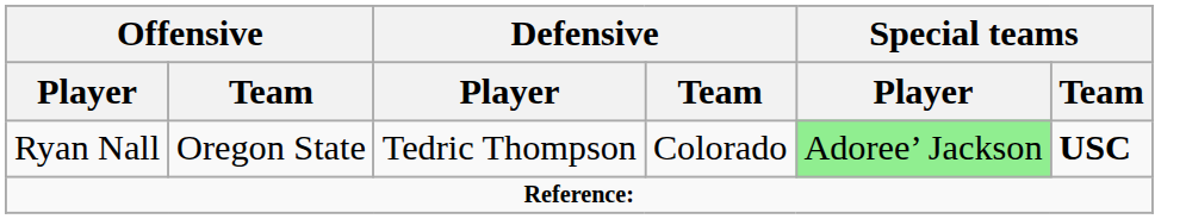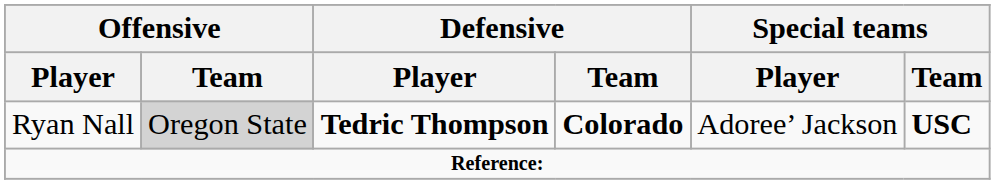 <table class="wikitable">
 <tr>
 <th colspan="2">Offensive</th>
 <th colspan="2">Defensive</th>
 <th colspan="2">Special teams</th>
 </tr>
 <tr>
 <th>Player</th>
 <th>Team</th>
 <th>Player</th>
 <th>Team</th>
 <th>Player</th>
 <th>Team</th>
 </tr>
 <tr>
 <td>Ryan Nall</td>
-<td>Oregon State</td>
-<td>Tedric Thompson</td>
-<td>Colorado</td>
-<td style="background: lightgreen;">Adoree’ Jackson</td>
+<td style="background: lightgrey;">Oregon State</td>
+<td><strong>Tedric Thompson</strong></td>
+<td><strong>Colorado</strong></td>
+<td>Adoree’ Jackson</td>
 <td><strong>USC</strong></td>
 </tr>
 <tr>
 <td colspan="12"  style="font-size:8pt; text-align:center;"><strong>Reference:</strong></td>
 </tr>
 </table>
